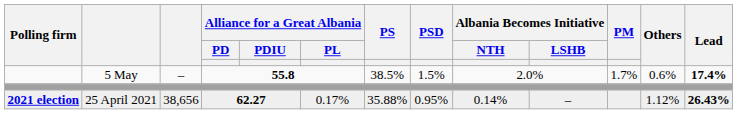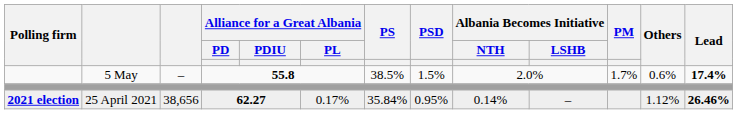 <table class="wikitable sortable tpl-blanktablele" style="text-align:center;font-size:90%;line-height:14px;">
 <tr style="height:40px;">
 <th rowspan="3">Polling firm</th>
 <th rowspan="3"></th>
 <th rowspan="3"></th>
 <th colspan=3><a href='#'>Alliance for a Great Albania</a></th>
 <th class="unsortable" style="width:40px;" rowspan=2><a href='#'>PS</a></th>
 <th class="unsortable" style="width:40px;" rowspan=2><a href='#'>PSD</a></th>
 <th colspan=2>Albania Becomes Initiative</th>
 <th class="unsortable" style="width:30px;"  rowspan=2><a href='#'>PM</a></th>
 <th class="unsortable" style="width:30px;"  rowspan=3>Others</th>
 <th style="width:30px;" rowspan=3><br>Lead</th>
 </tr>
 <tr>
 <th><a href='#'>PD</a></th>
 <th><a href='#'>PDIU</a></th>
 <th><a href='#'>PL</a></th>
 <th><a href='#'>NTH</a></th>
 <th><a href='#'>LSHB</a></th>
 </tr>
 <tr>
 <th style="background:"></th>
 <th style="background:"></th>
 <th style="background:"></th>
 <th style="background:"></th>
 <th style="background:"></th>
 <th style="background:"></th>
 <th style="background:"></th>
 <th style="background:"></th>
 </tr>
 <tr>
 <td></td>
 <td>5 May</td>
 <td>–</td>
 <td colspan="3"; ><strong>55.8</strong><br> </td>
 <td>38.5%<br></td>
 <td>1.5%<br></td>
 <td colspan="2">2.0%<br></td>
 <td>1.7%<br></td>
 <td>0.6%</td>
 <td style="background:"><strong>17.4%</strong></td>
 </tr>
 <tr>
 <td colspan="15" style="background:#A0A0A0"></td>
 </tr>
 <tr style="background:#EFEFEF">
 <td><strong><a href='#'>2021 election</a></strong></td>
 <td>25 April 2021</td>
 <td>38,656</td>
 <td colspan="2"; ><strong>62.27</strong><br> </td>
 <td>0.17%<br></td>
-<td>35.88%<br></td>
+<td>35.84%<br></td>
 <td>0.95%<br></td>
 <td>0.14%<br></td>
 <td>–</td>
 <td></td>
 <td>1.12%</td>
-<td style="background:"><strong>26.43%</strong></td>
+<td style="background:"><strong>26.46%</strong></td>
 </tr>
 </table>
